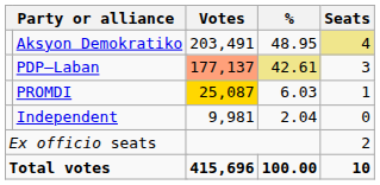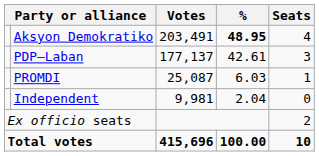 <table class="wikitable" style="text-align:right">
 <tr>
 <th colspan="4">Party or alliance</th>
 <th>Votes</th>
 <th>%</th>
 <th>Seats</th>
 </tr>
 <tr>
 <td style="background:"></td>
 <td colspan="3" style="text-align:left;"><a href='#'>Aksyon Demokratiko</a></td>
 <td>203,491</td>
-<td>48.95</td>
-<td style="background: khaki;">4</td>
+<td><strong>48.95</strong></td>
+<td>4</td>
 </tr>
 <tr>
 <td style="background:"></td>
 <td colspan="3" style="text-align:left;"><a href='#'>PDP–Laban</a></td>
-<td style="background: lightsalmon;">177,137</td>
-<td style="background: khaki;">42.61</td>
+<td>177,137</td>
+<td>42.61</td>
 <td>3</td>
 </tr>
 <tr>
 <td style="background:"></td>
 <td colspan="3" style="text-align:left;"><a href='#'>PROMDI</a></td>
-<td style="background: gold;">25,087</td>
+<td>25,087</td>
 <td>6.03</td>
 <td>1</td>
 </tr>
 <tr>
 <td style="background:"></td>
 <td colspan="3" style="text-align:left;"><a href='#'>Independent</a></td>
 <td>9,981</td>
 <td>2.04</td>
 <td>0</td>
 </tr>
 <tr>
 <td colspan="4" style="text-align:left;"><em>Ex officio</em> seats</td>
 <td colspan="2"></td>
 <td>2</td>
 </tr>
 <tr>
 <td colspan="4" style="text-align:left;"><strong>Total votes</strong></td>
 <td><strong>415,696</strong></td>
 <td><strong>100.00</strong></td>
 <td><strong>10</strong></td>
 </tr>
 </table>
